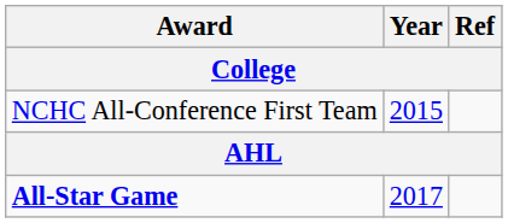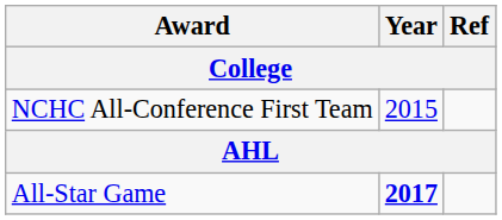 <table class="wikitable">
 <tr>
 <th>Award</th>
 <th>Year</th>
 <th>Ref</th>
 </tr>
 <tr>
 <th colspan="3"><a href='#'>College</a></th>
 </tr>
 <tr>
 <td><a href='#'>NCHC</a> All-Conference First Team</td>
 <td><a href='#'>2015</a></td>
 <td></td>
 </tr>
 <tr>
 <th colspan="3"><a href='#'>AHL</a></th>
 </tr>
 <tr>
-<td><strong><a href='#'>All-Star Game</a></strong></td>
-<td><a href='#'>2017</a></td>
+<td><a href='#'>All-Star Game</a></td>
+<td><strong><a href='#'>2017</a></strong></td>
 <td></td>
 </tr>
 </table>
